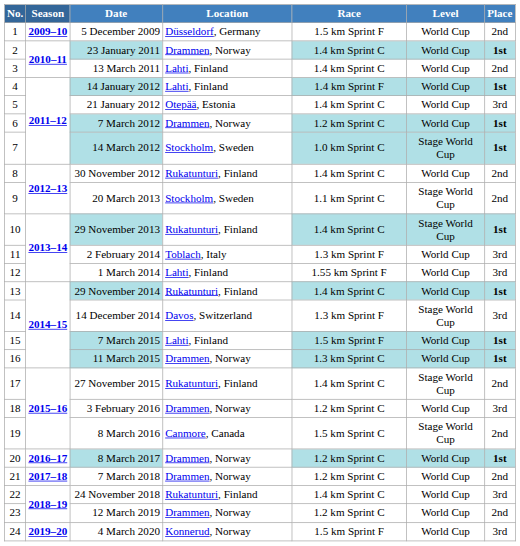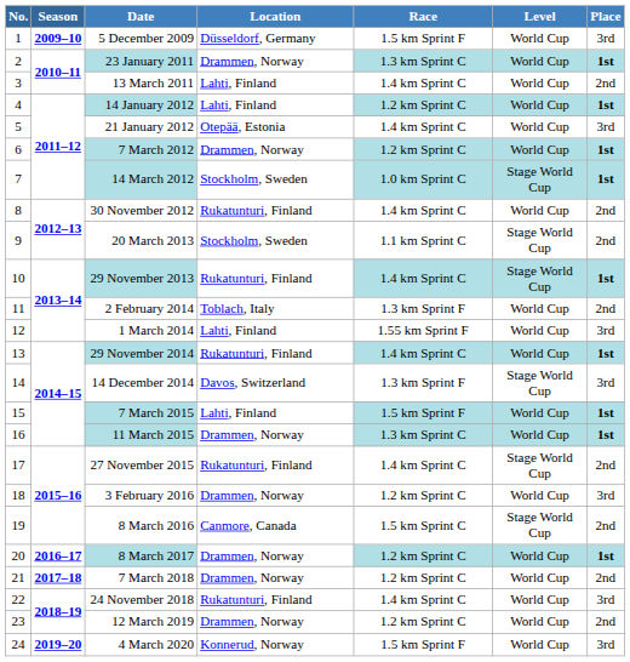 <table class="wikitable sortable" style="font-size:95%; text-align:center; border:grey solid 1px; border-collapse:collapse; background:#ffffff;">
 <tr style="background:#efefef;">
 <th style="background-color:#369; color:white;">No.</th>
 <th style="background-color:#369; color:white;">Season</th>
 <th style="background-color:#4180be; color:white; width:120px;">Date</th>
 <th style="background-color:#4180be; color:white; width:170px;">Location</th>
 <th style="background-color:#4180be; color:white; width:150px;">Race</th>
 <th style="background-color:#4180be; color:white; width:100px;">Level</th>
 <th style="background-color:#4180be; color:white;">Place</th>
 </tr>
 <tr>
 <td align=center>1</td>
 <td rowspan=1 align=center><strong><a href='#'>2009–10</a></strong></td>
 <td align=right>5 December 2009</td>
 <td align=left> <a href='#'>Düsseldorf</a>, Germany</td>
 <td>1.5 km Sprint F</td>
 <td>World Cup</td>
-<td>2nd</td>
+<td>3rd</td>
 </tr>
 <tr>
 <td align=center>2</td>
 <td rowspan=2 align=center><strong><a href='#'>2010–11</a></strong></td>
 <td bgcolor="#BOEOE6" align=right>23 January 2011</td>
 <td align=left> <a href='#'>Drammen</a>, Norway</td>
-<td bgcolor="#BOEOE6">1.4 km Sprint C</td>
+<td bgcolor="#BOEOE6">1.3 km Sprint C</td>
 <td bgcolor="#BOEOE6">World Cup</td>
 <td bgcolor="#BOEOE6"><strong>1st</strong></td>
 </tr>
 <tr>
 <td align=center>3</td>
 <td align=right>13 March 2011</td>
 <td align=left> <a href='#'>Lahti</a>, Finland</td>
 <td>1.4 km Sprint C</td>
 <td>World Cup</td>
 <td>2nd</td>
 </tr>
 <tr>
 <td align=center>4</td>
 <td rowspan=4 align=center><strong><a href='#'>2011–12</a></strong></td>
 <td bgcolor="#BOEOE6" align=right>14 January 2012</td>
 <td align=left> <a href='#'>Lahti</a>, Finland</td>
-<td bgcolor="#BOEOE6">1.4 km Sprint F</td>
+<td bgcolor="#BOEOE6">1.2 km Sprint C</td>
 <td bgcolor="#BOEOE6">World Cup</td>
 <td bgcolor="#BOEOE6"><strong>1st</strong></td>
 </tr>
 <tr>
 <td align=center>5</td>
 <td align=right>21 January 2012</td>
 <td align=left> <a href='#'>Otepää</a>, Estonia</td>
 <td>1.4 km Sprint C</td>
 <td>World Cup</td>
 <td>3rd</td>
 </tr>
 <tr>
 <td align=center>6</td>
 <td bgcolor="#BOEOE6" align=right>7 March 2012</td>
 <td align=left> <a href='#'>Drammen</a>, Norway</td>
 <td bgcolor="#BOEOE6">1.2 km Sprint C</td>
 <td bgcolor="#BOEOE6">World Cup</td>
 <td bgcolor="#BOEOE6"><strong>1st</strong></td>
 </tr>
 <tr>
 <td align=center>7</td>
 <td bgcolor="#BOEOE6" align=right>14 March 2012</td>
 <td align=left> <a href='#'>Stockholm</a>, Sweden</td>
 <td bgcolor="#BOEOE6">1.0 km Sprint C</td>
 <td bgcolor="#BOEOE6">Stage World Cup</td>
 <td bgcolor="#BOEOE6"><strong>1st</strong></td>
 </tr>
 <tr>
 <td align=center>8</td>
 <td rowspan=2 align=center><strong><a href='#'>2012–13</a></strong></td>
 <td align=right>30 November 2012</td>
 <td align=left> <a href='#'>Rukatunturi</a>, Finland</td>
 <td>1.4 km Sprint C</td>
 <td>World Cup</td>
 <td>2nd</td>
 </tr>
 <tr>
 <td align=center>9</td>
 <td align=right>20 March 2013</td>
 <td align=left> <a href='#'>Stockholm</a>, Sweden</td>
 <td>1.1 km Sprint C</td>
 <td>Stage World Cup</td>
 <td>2nd</td>
 </tr>
 <tr>
 <td align=center>10</td>
 <td rowspan=3 align=center><strong><a href='#'>2013–14</a></strong></td>
 <td bgcolor="#BOEOE6" align=right>29 November 2013</td>
 <td align=left> <a href='#'>Rukatunturi</a>, Finland</td>
 <td bgcolor="#BOEOE6">1.4 km Sprint C</td>
 <td bgcolor="#BOEOE6">Stage World Cup</td>
 <td bgcolor="#BOEOE6"><strong>1st</strong></td>
 </tr>
 <tr>
 <td align=center>11</td>
 <td align=right>2 February 2014</td>
 <td align=left> <a href='#'>Toblach</a>, Italy</td>
 <td>1.3 km Sprint F</td>
 <td>World Cup</td>
-<td>3rd</td>
+<td>2nd</td>
 </tr>
 <tr>
 <td align=center>12</td>
 <td align=right>1 March 2014</td>
 <td align=left> <a href='#'>Lahti</a>, Finland</td>
 <td>1.55 km Sprint F</td>
 <td>World Cup</td>
 <td>3rd</td>
 </tr>
 <tr>
 <td align=center>13</td>
 <td rowspan=4 align=center><strong><a href='#'>2014–15</a></strong></td>
 <td bgcolor="#BOEOE6" align=right>29 November 2014</td>
 <td align=left> <a href='#'>Rukatunturi</a>, Finland</td>
 <td bgcolor="#BOEOE6">1.4 km Sprint C</td>
 <td bgcolor="#BOEOE6">World Cup</td>
 <td bgcolor="#BOEOE6"><strong>1st</strong></td>
 </tr>
 <tr>
 <td align=center>14</td>
 <td align=right>14 December 2014</td>
 <td align=left> <a href='#'>Davos</a>, Switzerland</td>
 <td>1.3 km Sprint F</td>
 <td>Stage World Cup</td>
 <td>3rd</td>
 </tr>
 <tr>
 <td align=center>15</td>
 <td bgcolor="#BOEOE6" align=right>7 March 2015</td>
 <td align=left> <a href='#'>Lahti</a>, Finland</td>
 <td bgcolor="#BOEOE6">1.5 km Sprint F</td>
 <td bgcolor="#BOEOE6">World Cup</td>
 <td bgcolor="#BOEOE6"><strong>1st</strong></td>
 </tr>
 <tr>
 <td align=center>16</td>
 <td bgcolor="#BOEOE6" align=right>11 March 2015</td>
 <td align=left> <a href='#'>Drammen</a>, Norway</td>
 <td bgcolor="#BOEOE6">1.3 km Sprint C</td>
 <td bgcolor="#BOEOE6">World Cup</td>
 <td bgcolor="#BOEOE6"><strong>1st</strong></td>
 </tr>
 <tr>
 <td align=center>17</td>
 <td rowspan=3 align=center><strong><a href='#'>2015–16</a></strong></td>
 <td align=right>27 November 2015</td>
 <td align=left> <a href='#'>Rukatunturi</a>, Finland</td>
 <td>1.4 km Sprint C</td>
 <td>Stage World Cup</td>
 <td>2nd</td>
 </tr>
 <tr>
 <td align=center>18</td>
 <td align=right>3 February 2016</td>
 <td align=left> <a href='#'>Drammen</a>, Norway</td>
 <td>1.2 km Sprint C</td>
 <td>World Cup</td>
 <td>3rd</td>
 </tr>
 <tr>
 <td align=center>19</td>
 <td align=right>8 March 2016</td>
 <td align=left> <a href='#'>Canmore</a>, Canada</td>
 <td>1.5 km Sprint C</td>
 <td>Stage World Cup</td>
 <td>2nd</td>
 </tr>
 <tr>
 <td align=center>20</td>
 <td rowspan=1 align=center><strong><a href='#'>2016–17</a></strong></td>
 <td bgcolor="#BOEOE6" align=right>8 March 2017</td>
 <td align=left> <a href='#'>Drammen</a>, Norway</td>
 <td bgcolor="#BOEOE6">1.2 km Sprint C</td>
 <td bgcolor="#BOEOE6">World Cup</td>
 <td bgcolor="#BOEOE6"><strong>1st</strong></td>
 </tr>
 <tr>
 <td align=center>21</td>
 <td rowspan=1 align=center><strong><a href='#'>2017–18</a></strong></td>
 <td align=right>7 March 2018</td>
 <td align=left> <a href='#'>Drammen</a>, Norway</td>
 <td>1.2 km Sprint C</td>
 <td>World Cup</td>
 <td>2nd</td>
 </tr>
 <tr>
 <td align=center>22</td>
 <td rowspan=2 align=center><strong><a href='#'>2018–19</a></strong></td>
 <td align=right>24 November 2018</td>
 <td align=left> <a href='#'>Rukatunturi</a>, Finland</td>
 <td>1.4 km Sprint C</td>
 <td>World Cup</td>
 <td>3rd</td>
 </tr>
 <tr>
 <td align=center>23</td>
 <td align=right>12 March 2019</td>
 <td align=left> <a href='#'>Drammen</a>, Norway</td>
 <td>1.2 km Sprint C</td>
 <td>World Cup</td>
 <td>2nd</td>
 </tr>
 <tr>
 <td align=center>24</td>
 <td rowspan=1 align=center><strong><a href='#'>2019–20</a></strong></td>
 <td align=right>4 March 2020</td>
 <td align=left> <a href='#'>Konnerud</a>, Norway</td>
 <td>1.5 km Sprint F</td>
 <td>World Cup</td>
 <td>3rd</td>
 </tr>
 </table>
